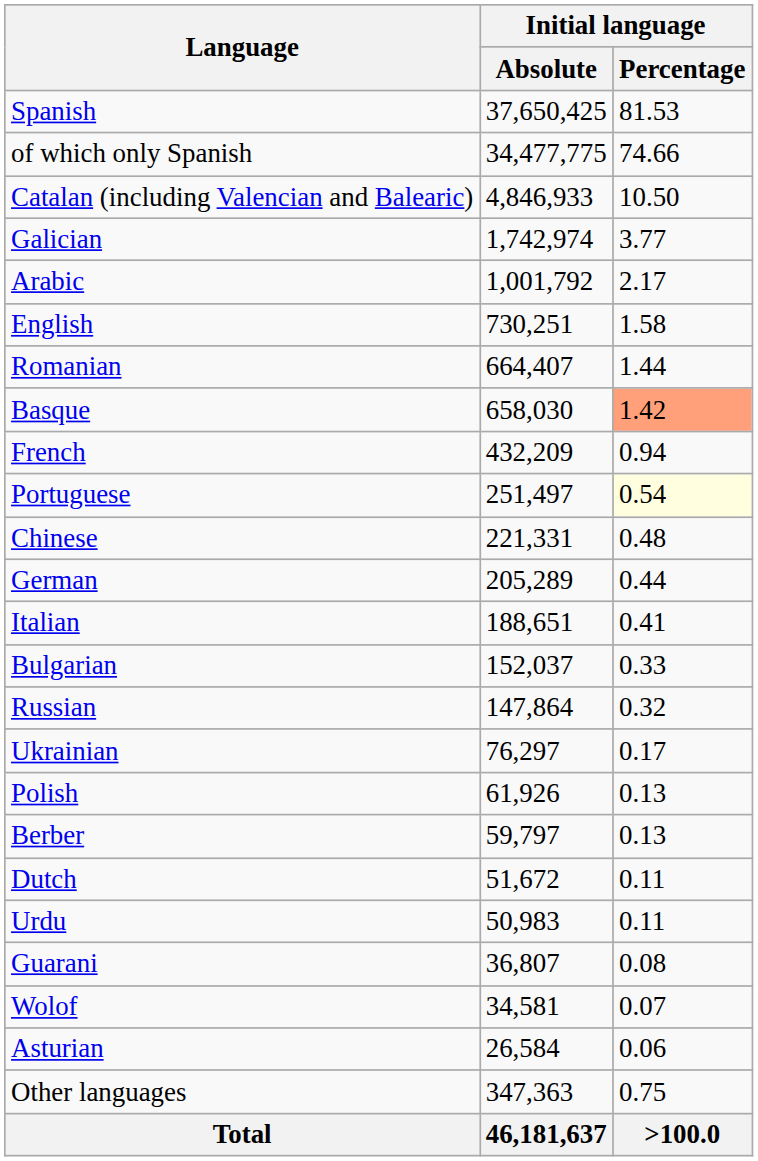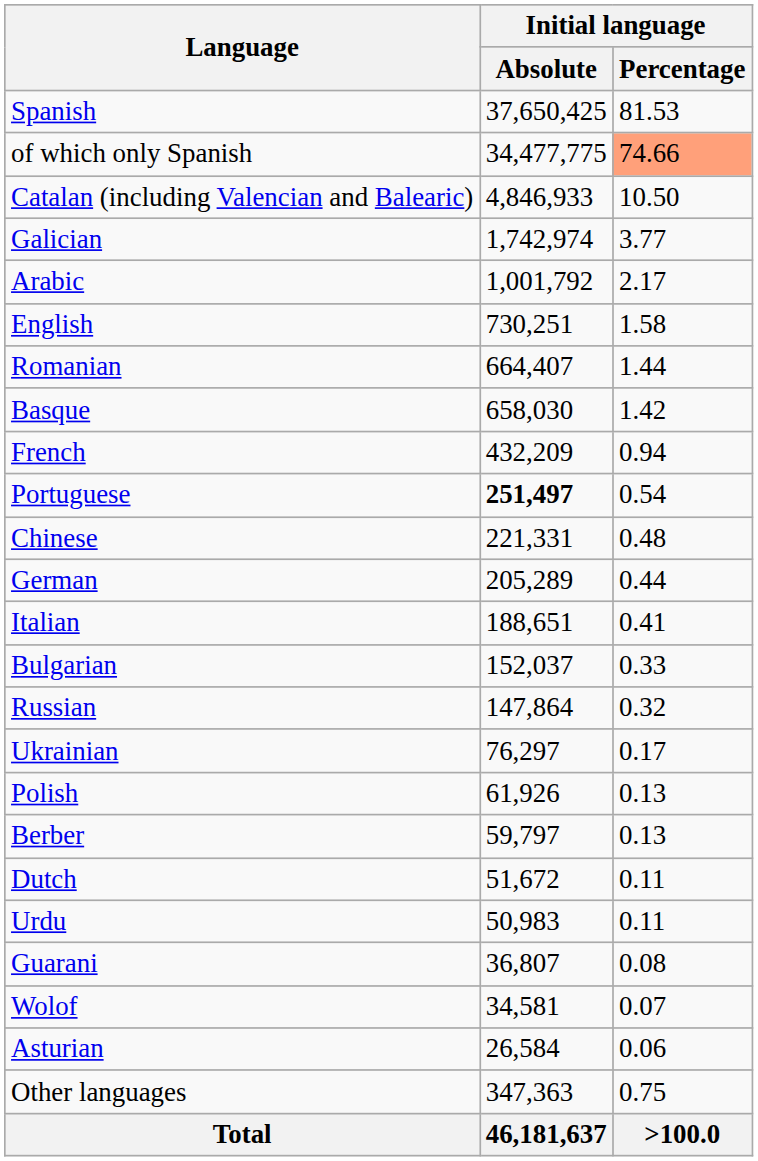 <table class="wikitable sortable col1left col2right col3right">
 <tr>
 <th rowspan="2">Language</th>
 <th colspan="2">Initial language</th>
 </tr>
 <tr>
 <th>Absolute</th>
 <th>Percentage</th>
 </tr>
 <tr>
 <td><a href='#'>Spanish</a></td>
 <td>37,650,425</td>
 <td>81.53</td>
 </tr>
 <tr>
 <td>of which only Spanish</td>
 <td>34,477,775</td>
-<td>74.66</td>
+<td style="background: lightsalmon;">74.66</td>
 </tr>
 <tr>
 <td><a href='#'>Catalan</a> (including <a href='#'>Valencian</a> and <a href='#'>Balearic</a>)</td>
 <td>4,846,933</td>
 <td>10.50</td>
 </tr>
 <tr>
 <td><a href='#'>Galician</a></td>
 <td>1,742,974</td>
 <td>3.77</td>
 </tr>
 <tr>
 <td><a href='#'>Arabic</a></td>
 <td>1,001,792</td>
 <td>2.17</td>
 </tr>
 <tr>
 <td><a href='#'>English</a></td>
 <td>730,251</td>
 <td>1.58</td>
 </tr>
 <tr>
 <td><a href='#'>Romanian</a></td>
 <td>664,407</td>
 <td>1.44</td>
 </tr>
 <tr>
 <td><a href='#'>Basque</a></td>
 <td>658,030</td>
-<td style="background: lightsalmon;">1.42</td>
+<td>1.42</td>
 </tr>
 <tr>
 <td><a href='#'>French</a></td>
 <td>432,209</td>
 <td>0.94</td>
 </tr>
 <tr>
 <td><a href='#'>Portuguese</a></td>
-<td>251,497</td>
-<td style="background: lightyellow;">0.54</td>
+<td><strong>251,497</strong></td>
+<td>0.54</td>
 </tr>
 <tr>
 <td><a href='#'>Chinese</a></td>
 <td>221,331</td>
 <td>0.48</td>
 </tr>
 <tr>
 <td><a href='#'>German</a></td>
 <td>205,289</td>
 <td>0.44</td>
 </tr>
 <tr>
 <td><a href='#'>Italian</a></td>
 <td>188,651</td>
 <td>0.41</td>
 </tr>
 <tr>
 <td><a href='#'>Bulgarian</a></td>
 <td>152,037</td>
 <td>0.33</td>
 </tr>
 <tr>
 <td><a href='#'>Russian</a></td>
 <td>147,864</td>
 <td>0.32</td>
 </tr>
 <tr>
 <td><a href='#'>Ukrainian</a></td>
 <td>76,297</td>
 <td>0.17</td>
 </tr>
 <tr>
 <td><a href='#'>Polish</a></td>
 <td>61,926</td>
 <td>0.13</td>
 </tr>
 <tr>
 <td><a href='#'>Berber</a></td>
 <td>59,797</td>
 <td>0.13</td>
 </tr>
 <tr>
 <td><a href='#'>Dutch</a></td>
 <td>51,672</td>
 <td>0.11</td>
 </tr>
 <tr>
 <td><a href='#'>Urdu</a></td>
 <td>50,983</td>
 <td>0.11</td>
 </tr>
 <tr>
 <td><a href='#'>Guarani</a></td>
 <td>36,807</td>
 <td>0.08</td>
 </tr>
 <tr>
 <td><a href='#'>Wolof</a></td>
 <td>34,581</td>
 <td>0.07</td>
 </tr>
 <tr>
 <td><a href='#'>Asturian</a></td>
 <td>26,584</td>
 <td>0.06</td>
 </tr>
 <tr>
 <td>Other languages</td>
 <td>347,363</td>
 <td>0.75</td>
 </tr>
 <tr>
 <th>Total</th>
 <th>46,181,637</th>
 <th>>100.0</th>
 </tr>
 </table>
